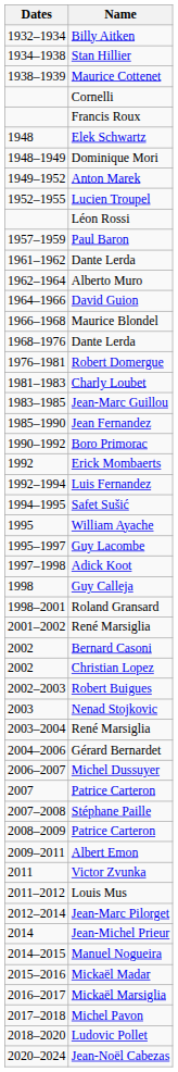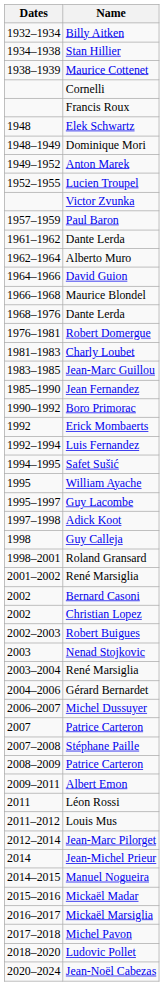 <table class="wikitable">
 <tr>
 <th>Dates</th>
 <th>Name</th>
 </tr>
 <tr>
 <td>1932–1934</td>
 <td><a href='#'>Billy Aitken</a></td>
 </tr>
 <tr>
 <td>1934–1938</td>
 <td><a href='#'>Stan Hillier</a></td>
 </tr>
 <tr>
 <td>1938–1939</td>
 <td><a href='#'>Maurice Cottenet</a></td>
 </tr>
 <tr>
 <td></td>
 <td>Cornelli</td>
 </tr>
 <tr>
 <td></td>
 <td>Francis Roux</td>
 </tr>
 <tr>
 <td>1948</td>
 <td><a href='#'>Elek Schwartz</a></td>
 </tr>
 <tr>
 <td>1948–1949</td>
 <td>Dominique Mori</td>
 </tr>
 <tr>
 <td>1949–1952</td>
 <td><a href='#'>Anton Marek</a></td>
 </tr>
 <tr>
 <td>1952–1955</td>
 <td><a href='#'>Lucien Troupel</a></td>
 </tr>
 <tr>
 <td></td>
-<td>Léon Rossi</td>
+<td><a href='#'>Victor Zvunka</a></td>
 </tr>
 <tr>
 <td>1957–1959</td>
 <td><a href='#'>Paul Baron</a></td>
 </tr>
 <tr>
 <td>1961–1962</td>
 <td>Dante Lerda</td>
 </tr>
 <tr>
 <td>1962–1964</td>
 <td>Alberto Muro</td>
 </tr>
 <tr>
 <td>1964–1966</td>
 <td><a href='#'>David Guion</a></td>
 </tr>
 <tr>
 <td>1966–1968</td>
 <td>Maurice Blondel</td>
 </tr>
 <tr>
 <td>1968–1976</td>
 <td>Dante Lerda</td>
 </tr>
 <tr>
 <td>1976–1981</td>
 <td><a href='#'>Robert Domergue</a></td>
 </tr>
 <tr>
 <td>1981–1983</td>
 <td><a href='#'>Charly Loubet</a></td>
 </tr>
 <tr>
 <td>1983–1985</td>
 <td><a href='#'>Jean-Marc Guillou</a></td>
 </tr>
 <tr>
 <td>1985–1990</td>
 <td><a href='#'>Jean Fernandez</a></td>
 </tr>
 <tr>
 <td>1990–1992</td>
 <td><a href='#'>Boro Primorac</a></td>
 </tr>
 <tr>
 <td>1992</td>
 <td><a href='#'>Erick Mombaerts</a></td>
 </tr>
 <tr>
 <td>1992–1994</td>
 <td><a href='#'>Luis Fernandez</a></td>
 </tr>
 <tr>
 <td>1994–1995</td>
 <td><a href='#'>Safet Sušić</a></td>
 </tr>
 <tr>
 <td>1995</td>
 <td><a href='#'>William Ayache</a></td>
 </tr>
 <tr>
 <td>1995–1997</td>
 <td><a href='#'>Guy Lacombe</a></td>
 </tr>
 <tr>
 <td>1997–1998</td>
 <td><a href='#'>Adick Koot</a></td>
 </tr>
 <tr>
 <td>1998</td>
 <td><a href='#'>Guy Calleja</a></td>
 </tr>
 <tr>
 <td>1998–2001</td>
 <td>Roland Gransard</td>
 </tr>
 <tr>
 <td>2001–2002</td>
 <td>René Marsiglia</td>
 </tr>
 <tr>
 <td>2002</td>
 <td><a href='#'>Bernard Casoni</a></td>
 </tr>
 <tr>
 <td>2002</td>
 <td><a href='#'>Christian Lopez</a></td>
 </tr>
 <tr>
 <td>2002–2003</td>
 <td><a href='#'>Robert Buigues</a></td>
 </tr>
 <tr>
 <td>2003</td>
 <td><a href='#'>Nenad Stojkovic</a></td>
 </tr>
 <tr>
 <td>2003–2004</td>
 <td>René Marsiglia</td>
 </tr>
 <tr>
 <td>2004–2006</td>
 <td>Gérard Bernardet</td>
 </tr>
 <tr>
 <td>2006–2007</td>
 <td><a href='#'>Michel Dussuyer</a></td>
 </tr>
 <tr>
 <td>2007</td>
 <td><a href='#'>Patrice Carteron</a></td>
 </tr>
 <tr>
 <td>2007–2008</td>
 <td><a href='#'>Stéphane Paille</a></td>
 </tr>
 <tr>
 <td>2008–2009</td>
 <td><a href='#'>Patrice Carteron</a></td>
 </tr>
 <tr>
 <td>2009–2011</td>
 <td><a href='#'>Albert Emon</a></td>
 </tr>
 <tr>
 <td>2011</td>
-<td><a href='#'>Victor Zvunka</a></td>
+<td>Léon Rossi</td>
 </tr>
 <tr>
 <td>2011–2012</td>
 <td>Louis Mus</td>
 </tr>
 <tr>
 <td>2012–2014</td>
 <td><a href='#'>Jean-Marc Pilorget</a></td>
 </tr>
 <tr>
 <td>2014</td>
 <td><a href='#'>Jean-Michel Prieur</a></td>
 </tr>
 <tr>
 <td>2014–2015</td>
 <td><a href='#'>Manuel Nogueira</a></td>
 </tr>
 <tr>
 <td>2015–2016</td>
 <td><a href='#'>Mickaël Madar</a></td>
 </tr>
 <tr>
 <td>2016–2017</td>
 <td><a href='#'>Mickaël Marsiglia</a></td>
 </tr>
 <tr>
 <td>2017–2018</td>
 <td><a href='#'>Michel Pavon</a></td>
 </tr>
 <tr>
 <td>2018–2020</td>
 <td><a href='#'>Ludovic Pollet</a></td>
 </tr>
 <tr>
 <td>2020–2024</td>
 <td><a href='#'>Jean-Noël Cabezas</a></td>
 </tr>
 </table>
